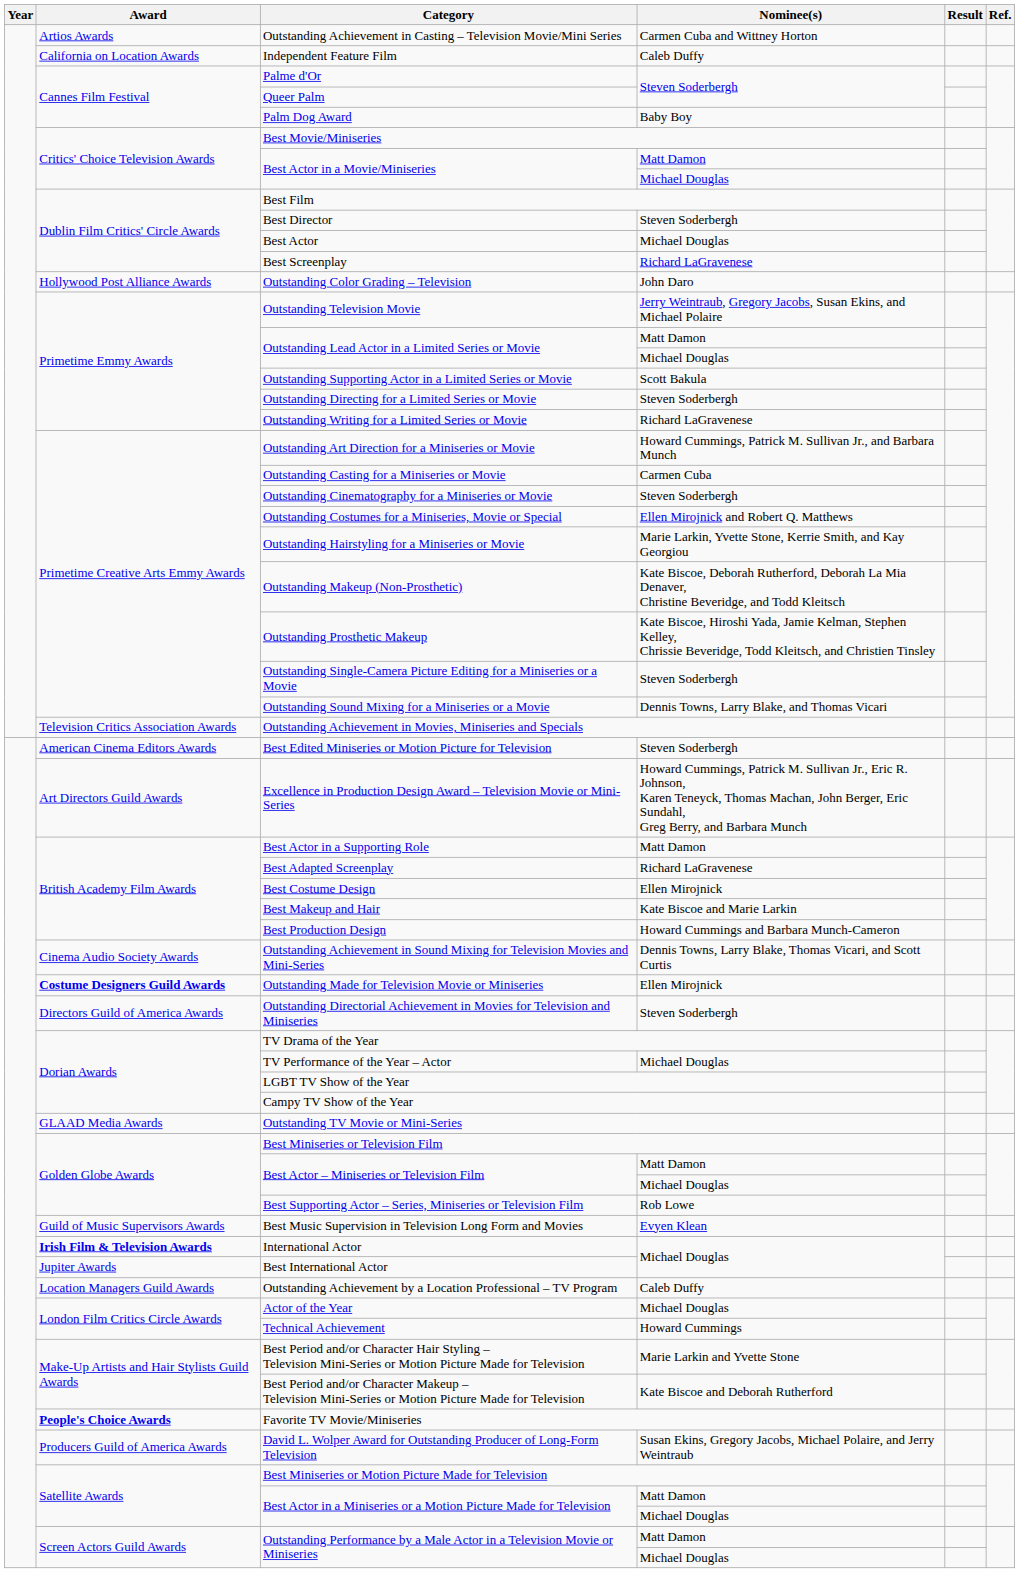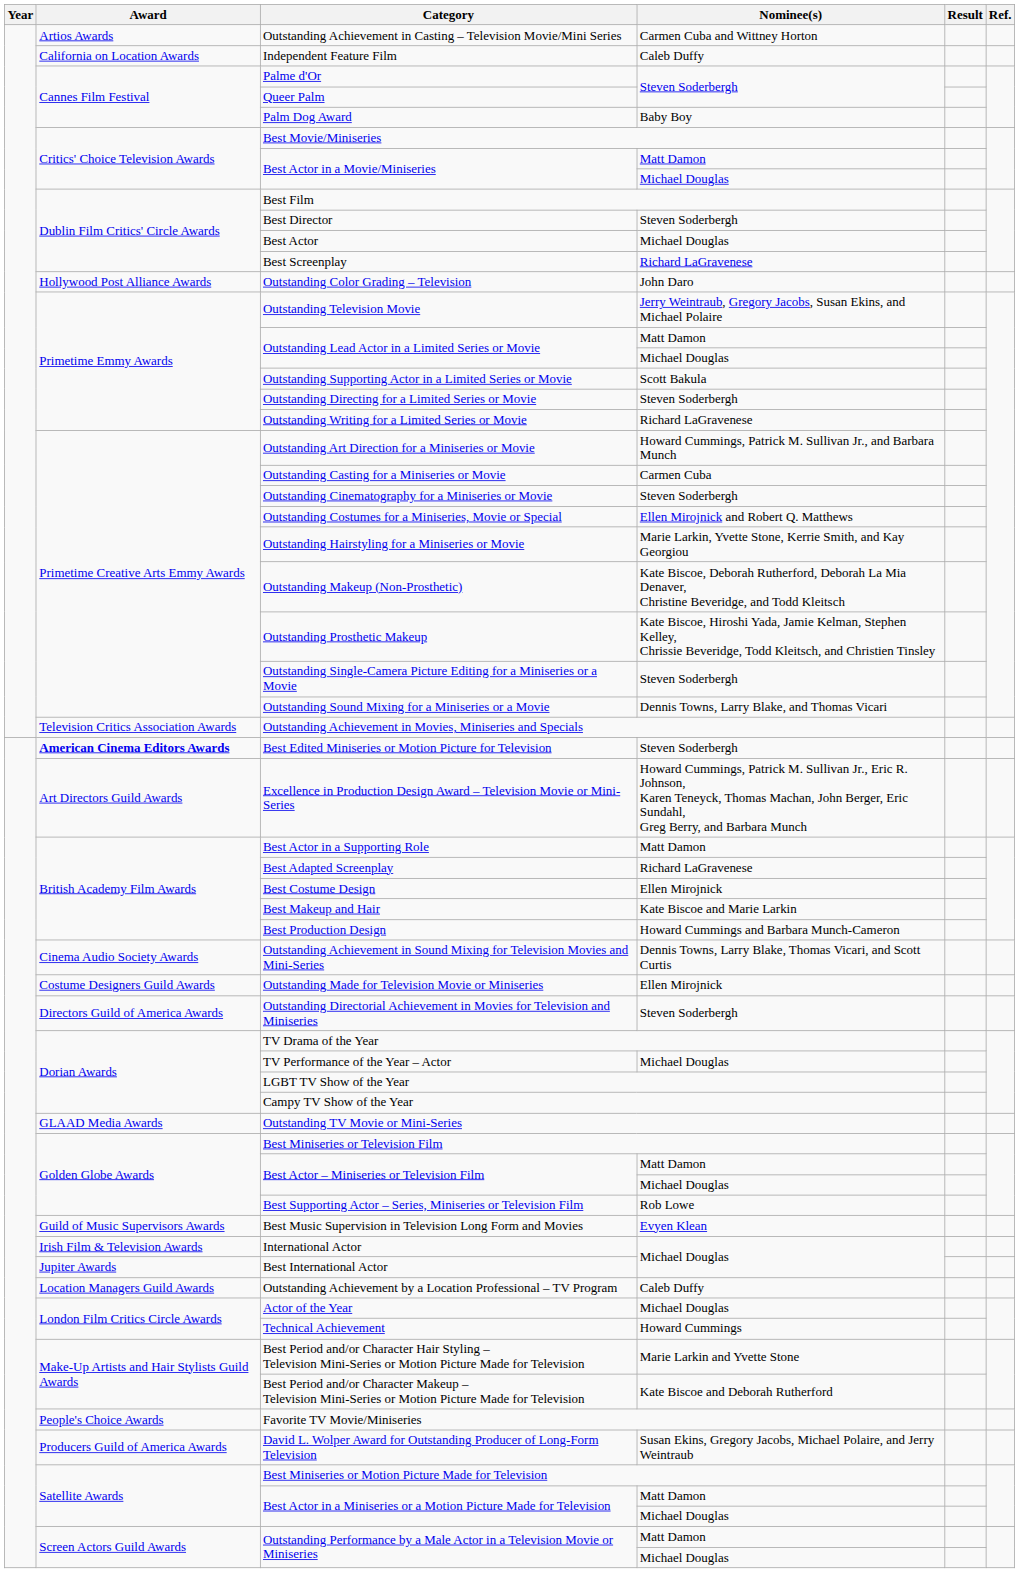 <table class="wikitable sortable">
 <tr>
 <th>Year</th>
 <th>Award</th>
 <th>Category</th>
 <th>Nominee(s)</th>
 <th>Result</th>
 <th>Ref.</th>
 </tr>
 <tr>
 <td rowspan="29"></td>
 <td><a href='#'>Artios Awards</a></td>
 <td>Outstanding Achievement in Casting – Television Movie/Mini Series</td>
 <td>Carmen Cuba and Wittney Horton</td>
 <td></td>
 <td align="center"></td>
 </tr>
 <tr>
 <td><a href='#'>California on Location Awards</a></td>
 <td>Independent Feature Film</td>
 <td>Caleb Duffy</td>
 <td></td>
 <td align="center"></td>
 </tr>
 <tr>
 <td rowspan="3"><a href='#'>Cannes Film Festival</a></td>
 <td><a href='#'>Palme d'Or</a></td>
 <td rowspan="2"><a href='#'>Steven Soderbergh</a></td>
 <td></td>
 <td align="center" rowspan="3"> <br> </td>
 </tr>
 <tr>
 <td><a href='#'>Queer Palm</a></td>
 <td></td>
 </tr>
 <tr>
 <td><a href='#'>Palm Dog Award</a></td>
 <td>Baby Boy</td>
 <td></td>
 </tr>
 <tr>
 <td rowspan="3"><a href='#'>Critics' Choice Television Awards</a></td>
 <td colspan="2"><a href='#'>Best Movie/Miniseries</a></td>
 <td></td>
 <td align="center" rowspan="3"></td>
 </tr>
 <tr>
 <td rowspan="2"><a href='#'>Best Actor in a Movie/Miniseries</a></td>
 <td><a href='#'>Matt Damon</a></td>
 <td></td>
 </tr>
 <tr>
 <td><a href='#'>Michael Douglas</a></td>
 <td></td>
 </tr>
 <tr>
 <td rowspan="4"><a href='#'>Dublin Film Critics' Circle Awards</a></td>
 <td colspan="2">Best Film</td>
 <td></td>
 <td align="center" rowspan="4"></td>
 </tr>
 <tr>
 <td>Best Director</td>
 <td>Steven Soderbergh</td>
 <td></td>
 </tr>
 <tr>
 <td>Best Actor</td>
 <td>Michael Douglas</td>
 <td></td>
 </tr>
 <tr>
 <td>Best Screenplay</td>
 <td><a href='#'>Richard LaGravenese</a></td>
 <td></td>
 </tr>
 <tr>
 <td><a href='#'>Hollywood Post Alliance Awards</a></td>
 <td><a href='#'>Outstanding Color Grading – Television</a></td>
 <td>John Daro</td>
 <td></td>
 <td align="center"></td>
 </tr>
 <tr>
 <td rowspan="6"><a href='#'>Primetime Emmy Awards</a></td>
 <td><a href='#'>Outstanding Television Movie</a></td>
 <td><a href='#'>Jerry Weintraub</a>, <a href='#'>Gregory Jacobs</a>, Susan Ekins, and Michael Polaire</td>
 <td></td>
 <td align="center" rowspan="15"></td>
 </tr>
 <tr>
 <td rowspan="2"><a href='#'>Outstanding Lead Actor in a Limited Series or Movie</a></td>
 <td>Matt Damon</td>
 <td></td>
 </tr>
 <tr>
 <td>Michael Douglas</td>
 <td></td>
 </tr>
 <tr>
 <td><a href='#'>Outstanding Supporting Actor in a Limited Series or Movie</a></td>
 <td>Scott Bakula</td>
 <td></td>
 </tr>
 <tr>
 <td><a href='#'>Outstanding Directing for a Limited Series or Movie</a></td>
 <td>Steven Soderbergh</td>
 <td></td>
 </tr>
 <tr>
 <td><a href='#'>Outstanding Writing for a Limited Series or Movie</a></td>
 <td>Richard LaGravenese</td>
 <td></td>
 </tr>
 <tr>
 <td rowspan="9"><a href='#'>Primetime Creative Arts Emmy Awards</a></td>
 <td><a href='#'>Outstanding Art Direction for a Miniseries or Movie</a></td>
 <td>Howard Cummings, Patrick M. Sullivan Jr., and Barbara Munch</td>
 <td></td>
 </tr>
 <tr>
 <td><a href='#'>Outstanding Casting for a Miniseries or Movie</a></td>
 <td>Carmen Cuba</td>
 <td></td>
 </tr>
 <tr>
 <td><a href='#'>Outstanding Cinematography for a Miniseries or Movie</a></td>
 <td>Steven Soderbergh </td>
 <td></td>
 </tr>
 <tr>
 <td><a href='#'>Outstanding Costumes for a Miniseries, Movie or Special</a></td>
 <td><a href='#'>Ellen Mirojnick</a> and Robert Q. Matthews</td>
 <td></td>
 </tr>
 <tr>
 <td><a href='#'>Outstanding Hairstyling for a Miniseries or Movie</a></td>
 <td>Marie Larkin, Yvette Stone, Kerrie Smith, and Kay Georgiou</td>
 <td></td>
 </tr>
 <tr>
 <td><a href='#'>Outstanding Makeup (Non-Prosthetic)</a></td>
 <td>Kate Biscoe, Deborah Rutherford, Deborah La Mia Denaver, <br> Christine Beveridge, and Todd Kleitsch</td>
 <td></td>
 </tr>
 <tr>
 <td><a href='#'>Outstanding Prosthetic Makeup</a></td>
 <td>Kate Biscoe, Hiroshi Yada, Jamie Kelman, Stephen Kelley, <br> Chrissie Beveridge, Todd Kleitsch, and Christien Tinsley</td>
 <td></td>
 </tr>
 <tr>
 <td><a href='#'>Outstanding Single-Camera Picture Editing for a Miniseries or a Movie</a></td>
 <td>Steven Soderbergh </td>
 <td></td>
 </tr>
 <tr>
 <td><a href='#'>Outstanding Sound Mixing for a Miniseries or a Movie</a></td>
 <td>Dennis Towns, Larry Blake, and Thomas Vicari</td>
 <td></td>
 </tr>
 <tr>
 <td><a href='#'>Television Critics Association Awards</a></td>
 <td colspan="2"><a href='#'>Outstanding Achievement in Movies, Miniseries and Specials</a></td>
 <td></td>
 <td align="center"></td>
 </tr>
 <tr>
 <td rowspan="34"></td>
-<td><a href='#'>American Cinema Editors Awards</a></td>
+<td><strong><a href='#'>American Cinema Editors Awards</a></strong></td>
 <td><a href='#'>Best Edited Miniseries or Motion Picture for Television</a></td>
 <td>Steven Soderbergh </td>
 <td></td>
 <td align="center"></td>
 </tr>
 <tr>
 <td><a href='#'>Art Directors Guild Awards</a></td>
 <td><a href='#'>Excellence in Production Design Award – Television Movie or Mini-Series</a></td>
 <td>Howard Cummings, Patrick M. Sullivan Jr., Eric R. Johnson, <br> Karen Teneyck, Thomas Machan, John Berger, Eric Sundahl, <br> Greg Berry, and Barbara Munch</td>
 <td></td>
 <td align="center"></td>
 </tr>
 <tr>
 <td rowspan="5"><a href='#'>British Academy Film Awards</a></td>
 <td><a href='#'>Best Actor in a Supporting Role</a></td>
 <td>Matt Damon</td>
 <td></td>
 <td align="center" rowspan="5"> <br> </td>
 </tr>
 <tr>
 <td><a href='#'>Best Adapted Screenplay</a></td>
 <td>Richard LaGravenese</td>
 <td></td>
 </tr>
 <tr>
 <td><a href='#'>Best Costume Design</a></td>
 <td>Ellen Mirojnick</td>
 <td></td>
 </tr>
 <tr>
 <td><a href='#'>Best Makeup and Hair</a></td>
 <td>Kate Biscoe and Marie Larkin</td>
 <td></td>
 </tr>
 <tr>
 <td><a href='#'>Best Production Design</a></td>
 <td>Howard Cummings and Barbara Munch-Cameron</td>
 <td></td>
 </tr>
 <tr>
 <td><a href='#'>Cinema Audio Society Awards</a></td>
 <td><a href='#'>Outstanding Achievement in Sound Mixing for Television Movies and Mini-Series</a></td>
 <td>Dennis Towns, Larry Blake, Thomas Vicari, and Scott Curtis</td>
 <td></td>
 <td align="center"></td>
 </tr>
 <tr>
-<td><strong><a href='#'>Costume Designers Guild Awards</a></strong></td>
+<td><a href='#'>Costume Designers Guild Awards</a></td>
 <td><a href='#'>Outstanding Made for Television Movie or Miniseries</a></td>
 <td>Ellen Mirojnick</td>
 <td></td>
 <td align="center"></td>
 </tr>
 <tr>
 <td><a href='#'>Directors Guild of America Awards</a></td>
 <td><a href='#'>Outstanding Directorial Achievement in Movies for Television and Miniseries</a></td>
 <td>Steven Soderbergh</td>
 <td></td>
 <td align="center"></td>
 </tr>
 <tr>
 <td rowspan="4"><a href='#'>Dorian Awards</a></td>
 <td colspan="2">TV Drama of the Year</td>
 <td></td>
 <td align="center" rowspan="4"></td>
 </tr>
 <tr>
 <td>TV Performance of the Year – Actor</td>
 <td>Michael Douglas</td>
 <td></td>
 </tr>
 <tr>
 <td colspan="2">LGBT TV Show of the Year</td>
 <td></td>
 </tr>
 <tr>
 <td colspan="2">Campy TV Show of the Year</td>
 <td></td>
 </tr>
 <tr>
 <td><a href='#'>GLAAD Media Awards</a></td>
 <td colspan="2"><a href='#'>Outstanding TV Movie or Mini-Series</a></td>
 <td></td>
 <td align="center"></td>
 </tr>
 <tr>
 <td rowspan="4"><a href='#'>Golden Globe Awards</a></td>
 <td colspan="2"><a href='#'>Best Miniseries or Television Film</a></td>
 <td></td>
 <td align="center" rowspan="4"></td>
 </tr>
 <tr>
 <td rowspan="2"><a href='#'>Best Actor – Miniseries or Television Film</a></td>
 <td>Matt Damon</td>
 <td></td>
 </tr>
 <tr>
 <td>Michael Douglas</td>
 <td></td>
 </tr>
 <tr>
 <td><a href='#'>Best Supporting Actor – Series, Miniseries or Television Film</a></td>
 <td>Rob Lowe</td>
 <td></td>
 </tr>
 <tr>
 <td><a href='#'>Guild of Music Supervisors Awards</a></td>
 <td>Best Music Supervision in Television Long Form and Movies</td>
 <td><a href='#'>Evyen Klean</a></td>
 <td></td>
 <td align="center"></td>
 </tr>
 <tr>
-<td><strong><a href='#'>Irish Film & Television Awards</a></strong></td>
+<td><a href='#'>Irish Film & Television Awards</a></td>
 <td>International Actor</td>
 <td rowspan="2">Michael Douglas</td>
 <td></td>
 <td align="center"></td>
 </tr>
 <tr>
 <td><a href='#'>Jupiter Awards</a></td>
 <td>Best International Actor</td>
 <td></td>
 <td align="center"></td>
 </tr>
 <tr>
 <td><a href='#'>Location Managers Guild Awards</a></td>
 <td>Outstanding Achievement by a Location Professional – TV Program</td>
 <td>Caleb Duffy</td>
 <td></td>
 <td align="center"></td>
 </tr>
 <tr>
 <td rowspan="2"><a href='#'>London Film Critics Circle Awards</a></td>
 <td><a href='#'>Actor of the Year</a></td>
 <td>Michael Douglas</td>
 <td></td>
 <td align="center" rowspan="2"></td>
 </tr>
 <tr>
 <td><a href='#'>Technical Achievement</a></td>
 <td>Howard Cummings </td>
 <td></td>
 </tr>
 <tr>
 <td rowspan="2"><a href='#'>Make-Up Artists and Hair Stylists Guild Awards</a></td>
 <td>Best Period and/or Character Hair Styling – <br> Television Mini-Series or Motion Picture Made for Television</td>
 <td>Marie Larkin and Yvette Stone</td>
 <td></td>
 <td align="center" rowspan="2"></td>
 </tr>
 <tr>
 <td>Best Period and/or Character Makeup – <br> Television Mini-Series or Motion Picture Made for Television</td>
 <td>Kate Biscoe and Deborah Rutherford</td>
 <td></td>
 </tr>
 <tr>
-<td><strong><a href='#'>People's Choice Awards</a></strong></td>
+<td><a href='#'>People's Choice Awards</a></td>
 <td colspan="2">Favorite TV Movie/Miniseries</td>
 <td></td>
 <td align="center"></td>
 </tr>
 <tr>
 <td><a href='#'>Producers Guild of America Awards</a></td>
 <td><a href='#'>David L. Wolper Award for Outstanding Producer of Long-Form Television</a></td>
 <td>Susan Ekins, Gregory Jacobs, Michael Polaire, and Jerry Weintraub</td>
 <td></td>
 <td align="center"></td>
 </tr>
 <tr>
 <td rowspan="3"><a href='#'>Satellite Awards</a></td>
 <td colspan="2"><a href='#'>Best Miniseries or Motion Picture Made for Television</a></td>
 <td></td>
 <td align="center" rowspan="3"></td>
 </tr>
 <tr>
 <td rowspan="2"><a href='#'>Best Actor in a Miniseries or a Motion Picture Made for Television</a></td>
 <td>Matt Damon</td>
 <td></td>
 </tr>
 <tr>
 <td>Michael Douglas</td>
 <td></td>
 </tr>
 <tr>
 <td rowspan="2"><a href='#'>Screen Actors Guild Awards</a></td>
 <td rowspan="2"><a href='#'>Outstanding Performance by a Male Actor in a Television Movie or Miniseries</a></td>
 <td>Matt Damon</td>
 <td></td>
 <td align="center" rowspan="2"></td>
 </tr>
 <tr>
 <td>Michael Douglas</td>
 <td></td>
 </tr>
 </table>
